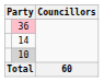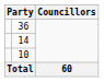 <table class="wikitable">
 <tr>
 <th colspan=2>Party</th>
 <th>Councillors</th>
 </tr>
 <tr>
 <td></td>
-<td align=center style="background: pink;">36</td>
+<td align=center>36</td>
 </tr>
 <tr>
 <td></td>
 <td align=center>14</td>
 </tr>
 <tr>
 <td></td>
-<td align=center style="background: lightgrey;">10</td>
+<td align=center>10</td>
 </tr>
 <tr>
 <th colspan=2>Total</th>
 <th align=center>60</th>
 </tr>
 </table>
